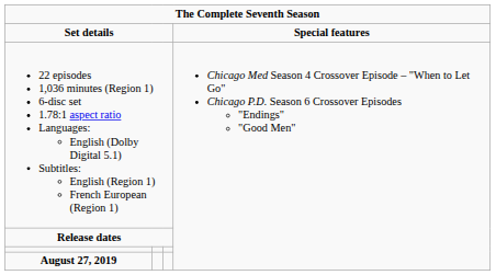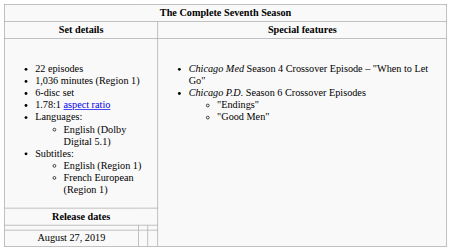 <table class="wikitable plainrowheaders" style="font-size:90%; text-align:center; width: 100%; margin-left: auto; margin-right: auto;">
 <tr>
 <td colspan="6"><strong>The Complete Seventh Season</strong></td>
 </tr>
 <tr>
 <td align="center" width="300" colspan="3"><strong>Set details</strong></td>
 <td width="400" align="center"><strong>Special features</strong></td>
 </tr>
 <tr valign="top">
 <td colspan="3" align="left" width="300"><br><ul><li>22 episodes</li><li>1,036 minutes (Region 1)</li><li>6-disc set</li><li>1.78:1 <a href='#'>aspect ratio</a></li><li>Languages:<ul><li>English (Dolby Digital 5.1)</li></ul></li><li>Subtitles:<ul><li>English (Region 1)</li><li>French European (Region 1)</li></ul></li></ul></td>
 <td rowspan="4" align="left" width="400"><br><ul><li><em>Chicago Med</em> Season 4 Crossover Episode – "When to Let Go"</li><li><em>Chicago P.D.</em> Season 6 Crossover Episodes<ul><li>"Endings"</li><li>"Good Men"</li></ul></li></ul></td>
 </tr>
 <tr>
 <td colspan="3" align="center"><strong>Release dates</strong></td>
 </tr>
 <tr>
 <td align="center"></td>
 <td align="center"></td>
 <td align="center"></td>
 </tr>
 <tr>
-<td align="center"><strong>August 27, 2019</strong></td>
+<td align="center">August 27, 2019</td>
 <td align="center"></td>
 <td align="center"></td>
 </tr>
 </table>
